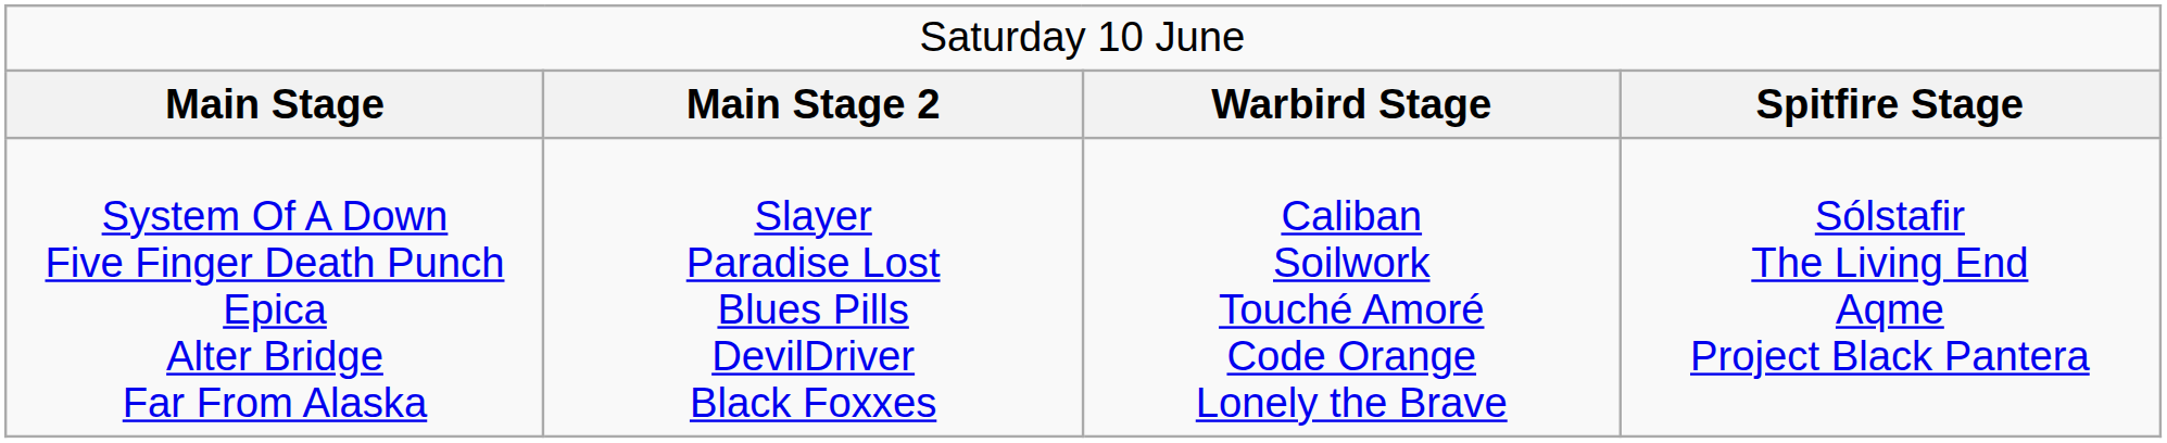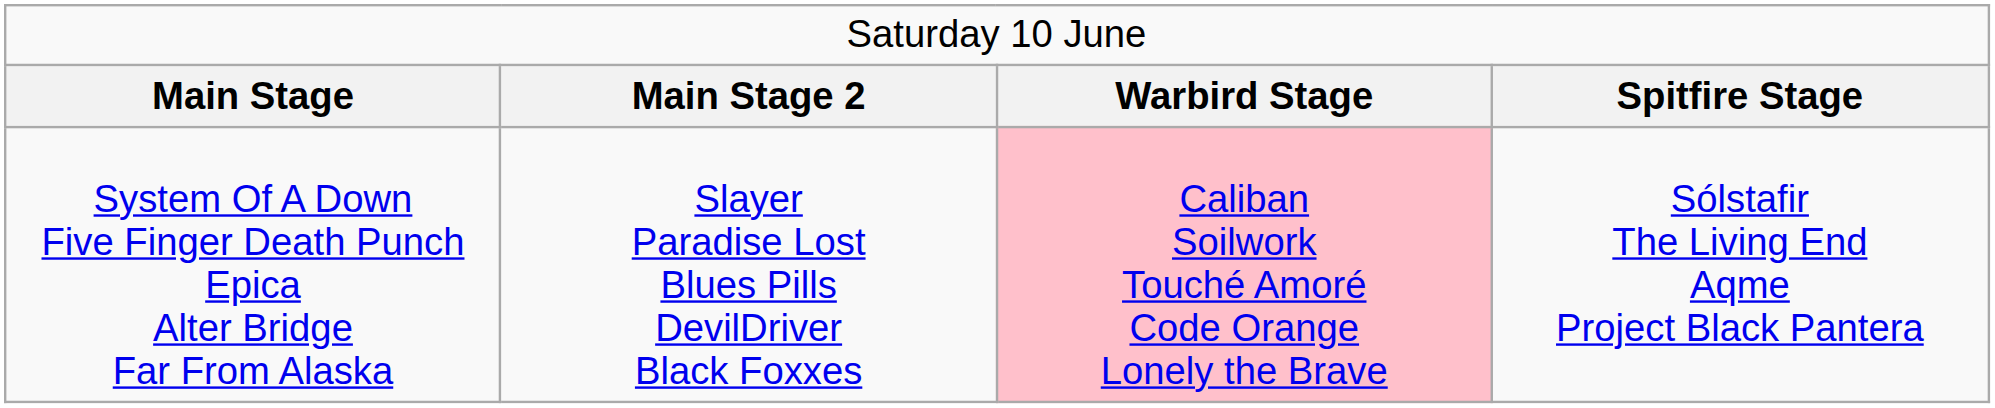 <table class="wikitable">
 <tr>
 <td colspan="4" style="text-align:center;">Saturday 10 June</td>
 </tr>
 <tr>
 <th>Main Stage</th>
 <th>Main Stage 2</th>
 <th>Warbird Stage</th>
 <th>Spitfire Stage</th>
 </tr>
 <tr>
 <td style="text-align:center; vertical-align:top; width:200px;"><br><a href='#'>System Of A Down</a><br> <a href='#'>Five Finger Death Punch</a><br> <a href='#'>Epica</a><br> <a href='#'>Alter Bridge</a><br> <a href='#'>Far From Alaska</a><br></td>
 <td style="text-align:center; vertical-align:top; width:200px;"><br><a href='#'>Slayer</a><br> <a href='#'>Paradise Lost</a><br> <a href='#'>Blues Pills</a><br> <a href='#'>DevilDriver</a><br> <a href='#'>Black Foxxes</a><br></td>
-<td style="text-align:center; vertical-align:top; width:200px;"><br><a href='#'>Caliban</a><br> <a href='#'>Soilwork</a><br> <a href='#'>Touché Amoré</a><br> <a href='#'>Code Orange</a><br> <a href='#'>Lonely the Brave</a><br></td>
+<td style="background: pink; text-align:center; vertical-align:top; width:200px;"><br><a href='#'>Caliban</a><br> <a href='#'>Soilwork</a><br> <a href='#'>Touché Amoré</a><br> <a href='#'>Code Orange</a><br> <a href='#'>Lonely the Brave</a><br></td>
 <td style="text-align:center; vertical-align:top; width:200px;"><br><a href='#'>Sólstafir</a><br> <a href='#'>The Living End</a><br> <a href='#'>Aqme</a><br> <a href='#'>Project Black Pantera</a><br></td>
 </tr>
 </table>
